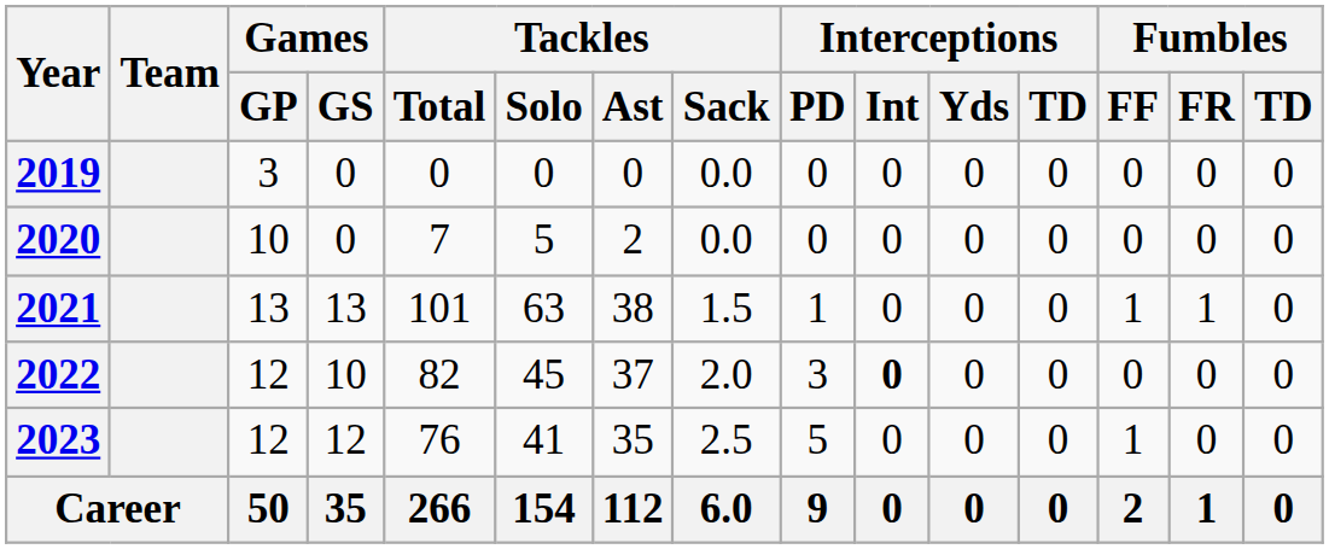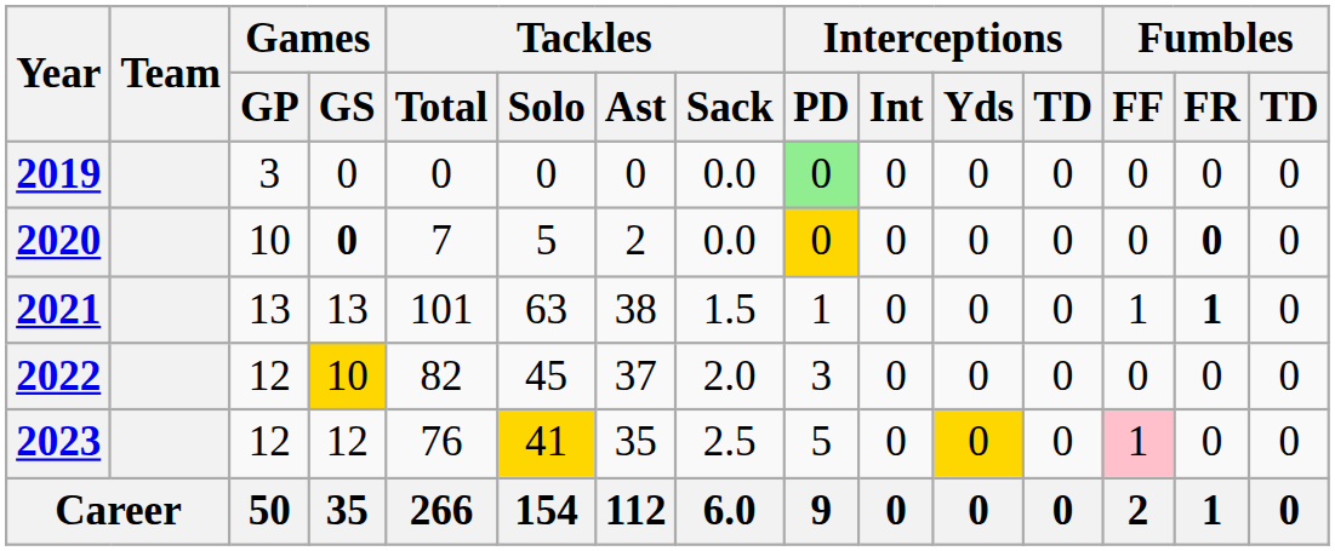 <table class="wikitable" style="text-align:center;">
 <tr>
 <th rowspan="2">Year</th>
 <th rowspan="2">Team</th>
 <th colspan="2">Games</th>
 <th colspan="4">Tackles</th>
 <th colspan="4">Interceptions</th>
 <th colspan="3">Fumbles</th>
 </tr>
 <tr>
 <th>GP</th>
 <th>GS</th>
 <th>Total</th>
 <th>Solo</th>
 <th>Ast</th>
 <th>Sack</th>
 <th>PD</th>
 <th>Int</th>
 <th>Yds</th>
 <th>TD</th>
 <th>FF</th>
 <th>FR</th>
 <th>TD</th>
 </tr>
 <tr>
 <th><a href='#'>2019</a></th>
 <th><a href='#'></a></th>
 <td>3</td>
 <td>0</td>
 <td>0</td>
 <td>0</td>
 <td>0</td>
 <td>0.0</td>
-<td>0</td>
+<td style="background: lightgreen;">0</td>
 <td>0</td>
 <td>0</td>
 <td>0</td>
 <td>0</td>
 <td>0</td>
 <td>0</td>
 </tr>
 <tr>
 <th><a href='#'>2020</a></th>
 <th><a href='#'></a></th>
 <td>10</td>
-<td>0</td>
+<td><strong>0</strong></td>
 <td>7</td>
 <td>5</td>
 <td>2</td>
 <td>0.0</td>
+<td style="background: gold;">0</td>
 <td>0</td>
 <td>0</td>
 <td>0</td>
 <td>0</td>
-<td>0</td>
-<td>0</td>
+<td><strong>0</strong></td>
 <td>0</td>
 </tr>
 <tr>
 <th><a href='#'>2021</a></th>
 <th><a href='#'></a></th>
 <td>13</td>
 <td>13</td>
 <td>101</td>
 <td>63</td>
 <td>38</td>
 <td>1.5</td>
 <td>1</td>
 <td>0</td>
 <td>0</td>
 <td>0</td>
 <td>1</td>
-<td>1</td>
+<td><strong>1</strong></td>
 <td>0</td>
 </tr>
 <tr>
 <th><a href='#'>2022</a></th>
 <th><a href='#'></a></th>
 <td>12</td>
-<td>10</td>
+<td style="background: gold;">10</td>
 <td>82</td>
 <td>45</td>
 <td>37</td>
 <td>2.0</td>
 <td>3</td>
-<td><strong>0</strong></td>
+<td>0</td>
 <td>0</td>
 <td>0</td>
 <td>0</td>
 <td>0</td>
 <td>0</td>
 </tr>
 <tr>
 <th><a href='#'>2023</a></th>
 <th><a href='#'></a></th>
 <td>12</td>
 <td>12</td>
 <td>76</td>
-<td>41</td>
+<td style="background: gold;">41</td>
 <td>35</td>
 <td>2.5</td>
 <td>5</td>
 <td>0</td>
+<td style="background: gold;">0</td>
 <td>0</td>
-<td>0</td>
-<td>1</td>
+<td style="background: pink;">1</td>
 <td>0</td>
 <td>0</td>
 </tr>
 <tr>
 <th align=center colspan="2">Career</th>
 <th>50</th>
 <th>35</th>
 <th>266</th>
 <th>154</th>
 <th>112</th>
 <th>6.0</th>
 <th>9</th>
 <th>0</th>
 <th>0</th>
 <th>0</th>
 <th>2</th>
 <th>1</th>
 <th>0</th>
 </tr>
 </table>
